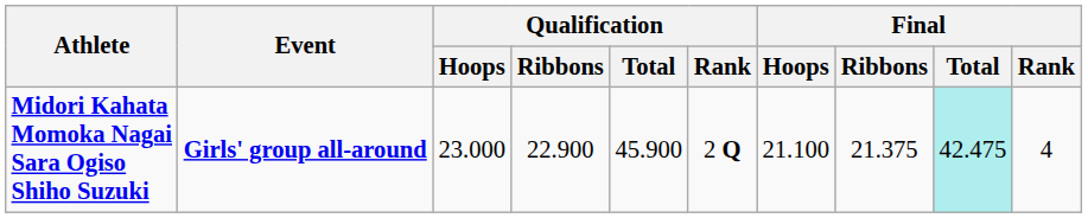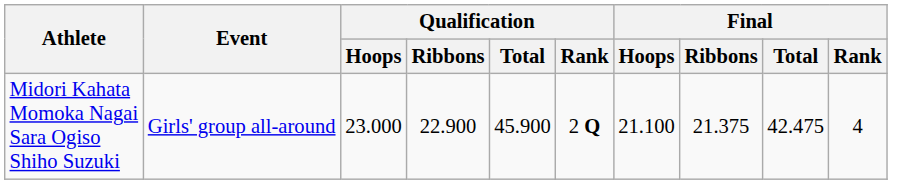 <table class="wikitable" border="1" style="font-size:90%">
 <tr>
 <th rowspan=2>Athlete</th>
 <th rowspan=2>Event</th>
 <th colspan=4>Qualification</th>
 <th colspan=4>Final</th>
 </tr>
 <tr>
 <th>Hoops</th>
 <th>Ribbons</th>
 <th>Total</th>
 <th>Rank</th>
 <th>Hoops</th>
 <th>Ribbons</th>
 <th>Total</th>
 <th>Rank</th>
 </tr>
 <tr>
-<td><strong><a href='#'>Midori Kahata</a><br><a href='#'>Momoka Nagai</a><br><a href='#'>Sara Ogiso</a><br><a href='#'>Shiho Suzuki</a></strong></td>
-<td><strong><a href='#'>Girls' group all-around</a></strong></td>
+<td><a href='#'>Midori Kahata</a><br><a href='#'>Momoka Nagai</a><br><a href='#'>Sara Ogiso</a><br><a href='#'>Shiho Suzuki</a></td>
+<td><a href='#'>Girls' group all-around</a></td>
 <td align=center>23.000</td>
 <td align=center>22.900</td>
 <td align=center>45.900</td>
 <td align=center>2 <strong>Q</strong></td>
 <td align=center>21.100</td>
 <td align=center>21.375</td>
-<td align=center style="background: paleturquoise;">42.475</td>
+<td align=center>42.475</td>
 <td align=center>4</td>
 </tr>
 </table>
